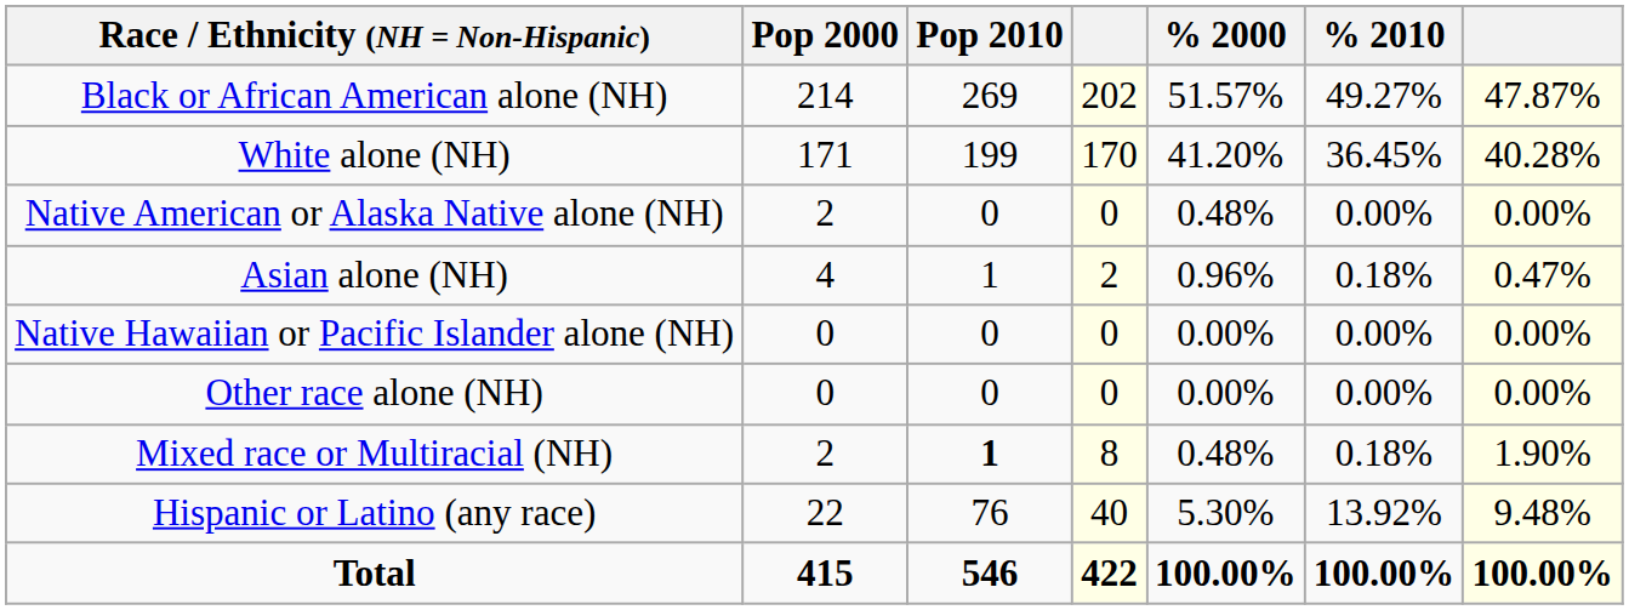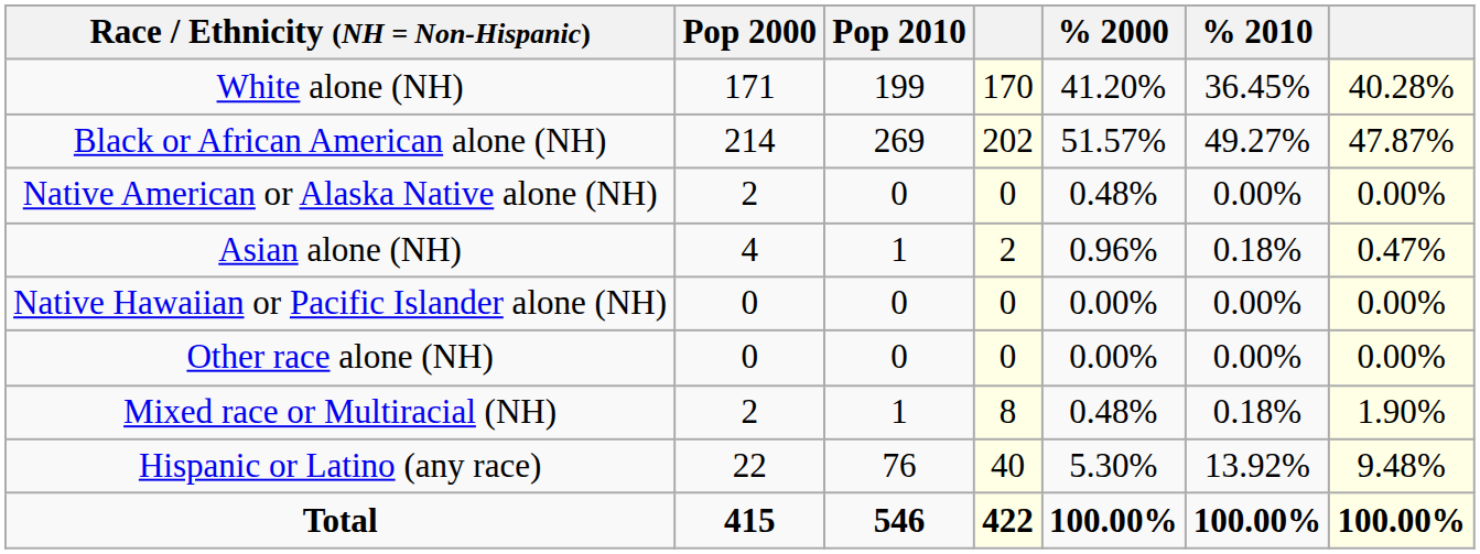 <table class="wikitable" style="text-align:center;">
 <tr>
 <th>Race / Ethnicity <small>(<em>NH = Non-Hispanic</em>)</small></th>
 <th>Pop 2000</th>
 <th>Pop 2010</th>
 <th></th>
 <th>% 2000</th>
 <th>% 2010</th>
 <th></th>
 </tr>
 <tr>
+<td><a href='#'>White</a> alone (NH)</td>
+<td>171</td>
+<td>199</td>
+<td style='background: #ffffe6;'>170</td>
+<td>41.20%</td>
+<td>36.45%</td>
+<td style='background: #ffffe6;'>40.28%</td>
+</tr>
+<tr>
 <td><a href='#'>Black or African American</a> alone (NH)</td>
 <td>214</td>
 <td>269</td>
 <td style='background: #ffffe6;'>202</td>
 <td>51.57%</td>
 <td>49.27%</td>
 <td style='background: #ffffe6;'>47.87%</td>
-</tr>
-<tr>
-<td><a href='#'>White</a> alone (NH)</td>
-<td>171</td>
-<td>199</td>
-<td style='background: #ffffe6;'>170</td>
-<td>41.20%</td>
-<td>36.45%</td>
-<td style='background: #ffffe6;'>40.28%</td>
 </tr>
 <tr>
 <td><a href='#'>Native American</a> or <a href='#'>Alaska Native</a> alone (NH)</td>
 <td>2</td>
 <td>0</td>
 <td style='background: #ffffe6;'>0</td>
 <td>0.48%</td>
 <td>0.00%</td>
 <td style='background: #ffffe6;'>0.00%</td>
 </tr>
 <tr>
 <td><a href='#'>Asian</a> alone (NH)</td>
 <td>4</td>
 <td>1</td>
 <td style='background: #ffffe6;'>2</td>
 <td>0.96%</td>
 <td>0.18%</td>
 <td style='background: #ffffe6;'>0.47%</td>
 </tr>
 <tr>
 <td><a href='#'>Native Hawaiian</a> or <a href='#'>Pacific Islander</a> alone (NH)</td>
 <td>0</td>
 <td>0</td>
 <td style='background: #ffffe6;'>0</td>
 <td>0.00%</td>
 <td>0.00%</td>
 <td style='background: #ffffe6;'>0.00%</td>
 </tr>
 <tr>
 <td><a href='#'>Other race</a> alone (NH)</td>
 <td>0</td>
 <td>0</td>
 <td style='background: #ffffe6;'>0</td>
 <td>0.00%</td>
 <td>0.00%</td>
 <td style='background: #ffffe6;'>0.00%</td>
 </tr>
 <tr>
 <td><a href='#'>Mixed race or Multiracial</a> (NH)</td>
 <td>2</td>
-<td><strong>1</strong></td>
+<td>1</td>
 <td style='background: #ffffe6;'>8</td>
 <td>0.48%</td>
 <td>0.18%</td>
 <td style='background: #ffffe6;'>1.90%</td>
 </tr>
 <tr>
 <td><a href='#'>Hispanic or Latino</a> (any race)</td>
 <td>22</td>
 <td>76</td>
 <td style='background: #ffffe6;'>40</td>
 <td>5.30%</td>
 <td>13.92%</td>
 <td style='background: #ffffe6;'>9.48%</td>
 </tr>
 <tr>
 <td><strong>Total</strong></td>
 <td><strong>415</strong></td>
 <td><strong>546</strong></td>
 <td style='background: #ffffe6;'><strong>422</strong></td>
 <td><strong>100.00%</strong></td>
 <td><strong>100.00%</strong></td>
 <td style='background: #ffffe6;'><strong>100.00%</strong></td>
 </tr>
 </table>
